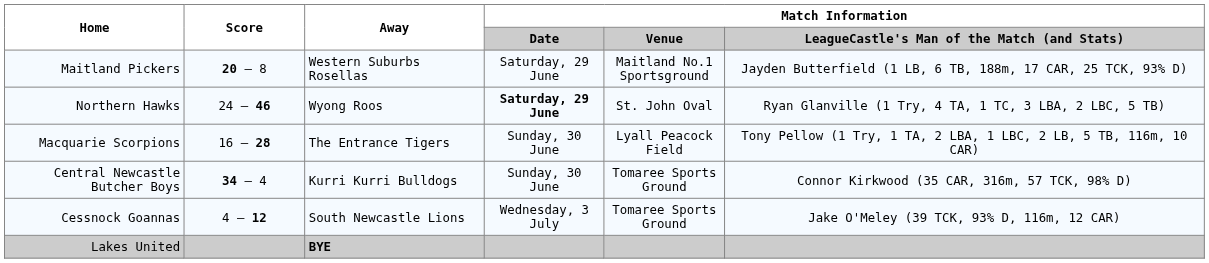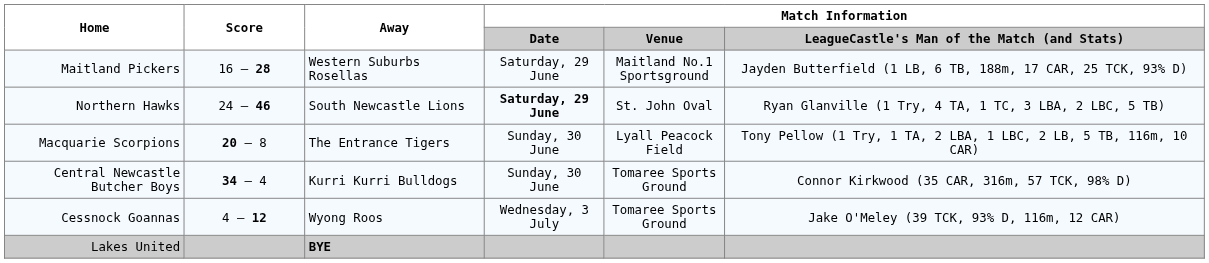 <table width="100%" cellspacing="0" cellpadding="4" border="1" style="border-collapse:collapse;  text-align:center;">
 <tr>
 <th rowspan="2" width="15%">Home</th>
 <th rowspan="2" width="10%">Score</th>
 <th rowspan="2" width="15%">Away</th>
 <th colspan="4">Match Information</th>
 </tr>
 <tr style="background:#CCCCCC">
 <th width="10%">Date</th>
 <th width="10%">Venue</th>
 <th width="40%">LeagueCastle's Man of the Match (and Stats)</th>
 </tr>
 <tr style="text-align:center; background:#f5faff;">
 <td align="right"> Maitland Pickers</td>
-<td><strong>20</strong> – 8</td>
+<td>16 – <strong>28</strong></td>
 <td align="left"> Western Suburbs Rosellas</td>
 <td>Saturday, 29 June</td>
 <td>Maitland No.1 Sportsground</td>
 <td>Jayden Butterfield  (1 LB, 6 TB, 188m, 17 CAR, 25 TCK, 93% D)</td>
 </tr>
 <tr style="text-align:center; background:#f5faff;">
 <td align="right"> Northern Hawks</td>
 <td>24 – <strong>46</strong></td>
-<td align="left"> Wyong Roos</td>
+<td align="left"> South Newcastle Lions</td>
 <td><strong>Saturday, 29 June</strong></td>
 <td>St. John Oval</td>
 <td>Ryan Glanville  (1 Try, 4 TA, 1 TC, 3 LBA, 2 LBC, 5 TB)</td>
 </tr>
 <tr style="text-align:center; background:#f5faff;">
 <td align="right"> Macquarie Scorpions</td>
-<td>16 – <strong>28</strong></td>
+<td><strong>20</strong> – 8</td>
 <td align="left"> The Entrance Tigers</td>
 <td>Sunday, 30 June</td>
 <td>Lyall Peacock Field</td>
 <td>Tony Pellow  (1 Try, 1 TA, 2 LBA, 1 LBC, 2 LB, 5 TB, 116m, 10 CAR)</td>
 </tr>
 <tr style="text-align:center; background:#f5faff;">
 <td align="right"> Central Newcastle Butcher Boys</td>
 <td><strong>34</strong> – 4</td>
 <td align="left"> Kurri Kurri Bulldogs</td>
 <td>Sunday, 30 June</td>
 <td>Tomaree Sports Ground</td>
 <td>Connor Kirkwood  (35 CAR, 316m, 57 TCK, 98% D)</td>
 </tr>
 <tr style="text-align:center; background:#f5faff;">
 <td align="right"> Cessnock Goannas</td>
 <td>4 – <strong>12</strong></td>
-<td align="left"> South Newcastle Lions</td>
+<td align="left"> Wyong Roos</td>
 <td>Wednesday, 3 July</td>
 <td>Tomaree Sports Ground</td>
 <td>Jake O'Meley  (39 TCK, 93% D, 116m, 12 CAR)</td>
 </tr>
 <tr style="text-align:center; background:#CCCCCC;">
 <td align="right"> Lakes United</td>
 <td></td>
 <td align="left"><strong>BYE</strong></td>
 <td></td>
 <td></td>
 <td></td>
 </tr>
 </table>
